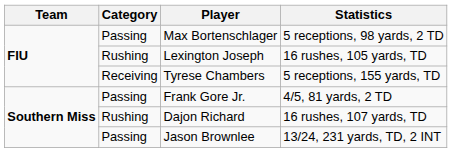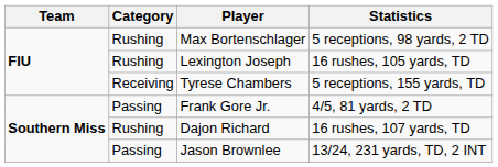 <table class="wikitable" style="float: left;">
 <tr>
 <th>Team</th>
 <th>Category</th>
 <th>Player</th>
 <th>Statistics</th>
 </tr>
 <tr>
 <td rowspan=3><strong>FIU</strong></td>
-<td>Passing</td>
+<td>Rushing</td>
 <td>Max Bortenschlager</td>
 <td>5 receptions, 98 yards, 2 TD</td>
 </tr>
 <tr>
 <td>Rushing</td>
 <td>Lexington Joseph</td>
 <td>16 rushes, 105 yards, TD</td>
 </tr>
 <tr>
 <td>Receiving</td>
 <td>Tyrese Chambers</td>
 <td>5 receptions, 155 yards, TD</td>
 </tr>
 <tr>
 <td rowspan=3><strong>Southern Miss</strong></td>
 <td>Passing</td>
 <td>Frank Gore Jr.</td>
 <td>4/5, 81 yards, 2 TD</td>
 </tr>
 <tr>
 <td>Rushing</td>
 <td>Dajon Richard</td>
 <td>16 rushes, 107 yards, TD</td>
 </tr>
 <tr>
 <td>Passing</td>
 <td>Jason Brownlee</td>
 <td>13/24, 231 yards, TD, 2 INT</td>
 </tr>
 </table>
